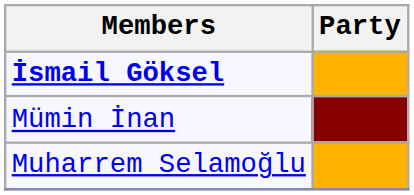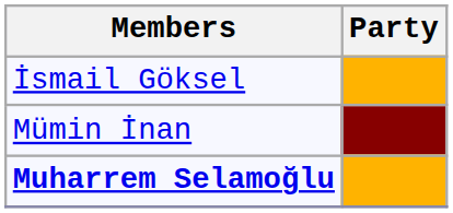 <table class=wikitable style="border:1px solid #8888aa; background-color:#f7f8ff; padding:0px; font-size:90%;">
 <tr>
 <th>Members</th>
 <th colspan="2">Party</th>
 </tr>
 <tr>
-<td><strong><a href='#'>İsmail Göksel</a></strong></td>
+<td><a href='#'>İsmail Göksel</a></td>
 <td style="background: #ffb300"></td>
 </tr>
 <tr>
 <td><a href='#'>Mümin İnan</a></td>
 <td style="background: #870000"></td>
 </tr>
 <tr>
-<td><a href='#'>Muharrem Selamoğlu</a></td>
+<td><strong><a href='#'>Muharrem Selamoğlu</a></strong></td>
 <td style="background: #ffb300"></td>
 </tr>
 <tr>
 </tr>
 </table>
